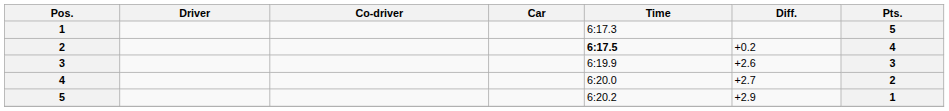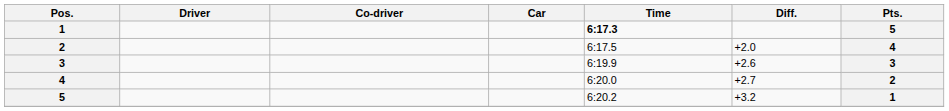 <table class="wikitable" width=60% style="font-size: 85%;">
 <tr>
 <th>Pos.</th>
 <th>Driver</th>
 <th>Co-driver</th>
 <th>Car</th>
 <th>Time</th>
 <th>Diff.</th>
 <th>Pts.</th>
 </tr>
 <tr>
 <th>1</th>
 <td></td>
 <td></td>
 <td></td>
-<td>6:17.3</td>
+<td><strong>6:17.3</strong></td>
 <td></td>
 <th>5</th>
 </tr>
 <tr>
 <th>2</th>
 <td></td>
 <td></td>
 <td></td>
-<td><strong>6:17.5</strong></td>
-<td>+0.2</td>
+<td>6:17.5</td>
+<td>+2.0</td>
 <th>4</th>
 </tr>
 <tr>
 <th>3</th>
 <td></td>
 <td></td>
 <td></td>
 <td>6:19.9</td>
 <td>+2.6</td>
 <th>3</th>
 </tr>
 <tr>
 <th>4</th>
 <td></td>
 <td></td>
 <td></td>
 <td>6:20.0</td>
 <td>+2.7</td>
 <th>2</th>
 </tr>
 <tr>
 <th>5</th>
 <td></td>
 <td></td>
 <td></td>
 <td>6:20.2</td>
-<td>+2.9</td>
+<td>+3.2</td>
 <th>1</th>
 </tr>
 <tr>
 </tr>
 </table>
